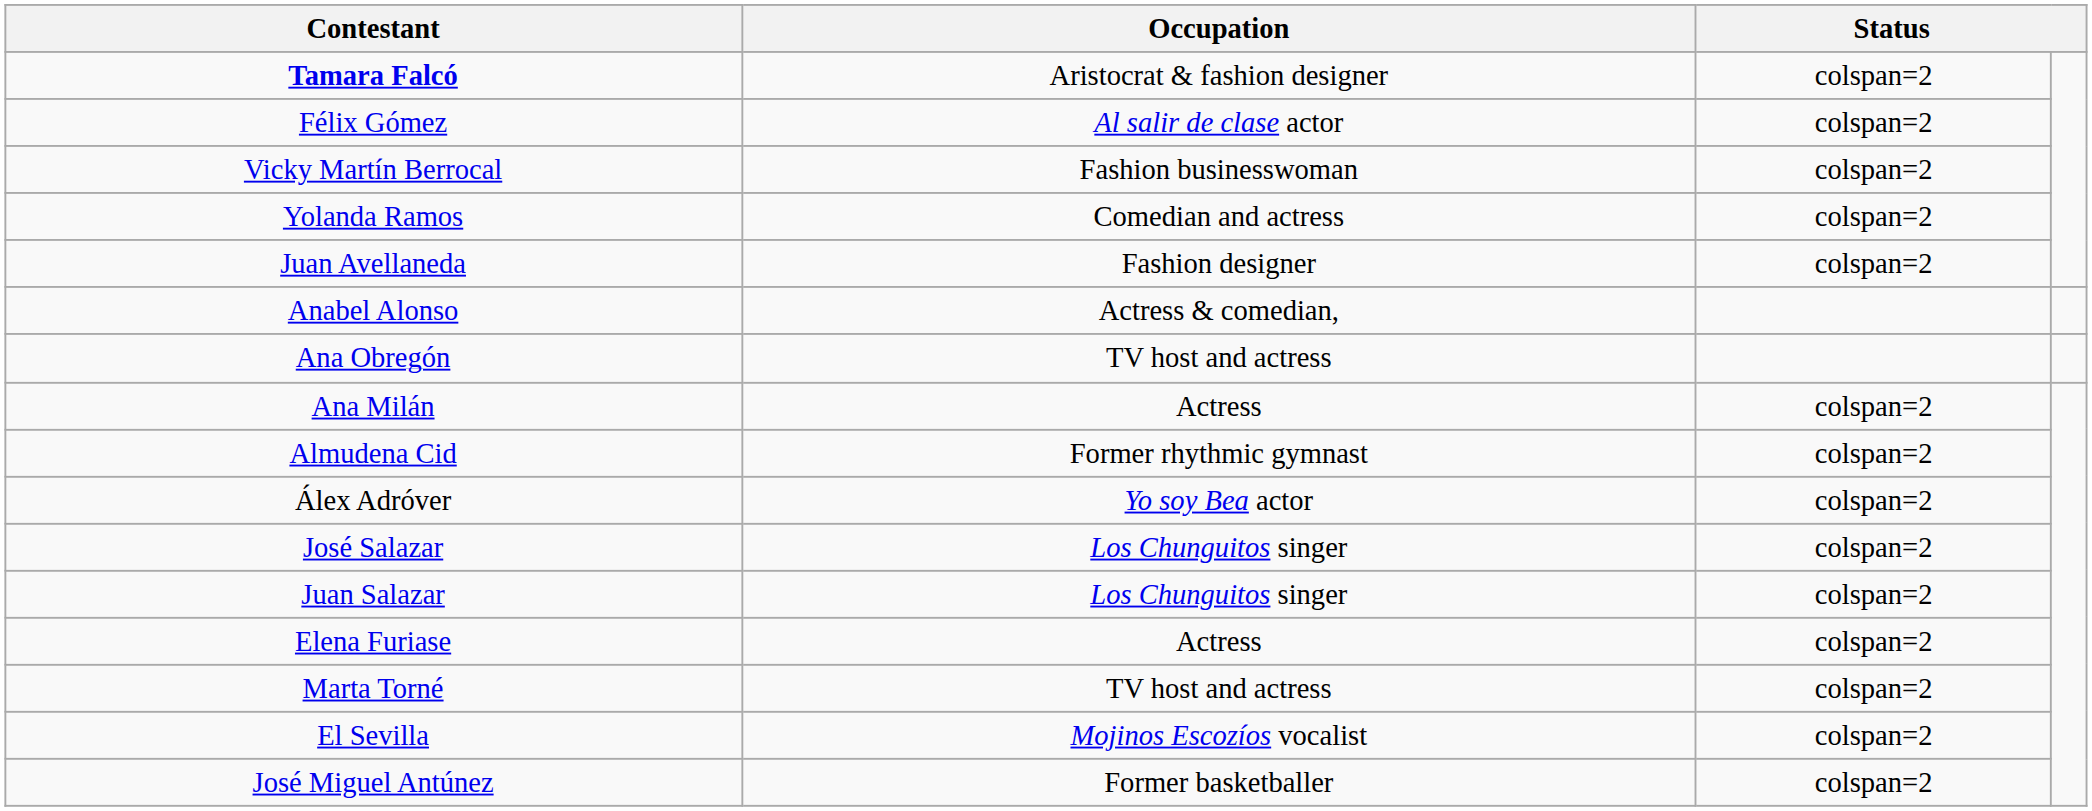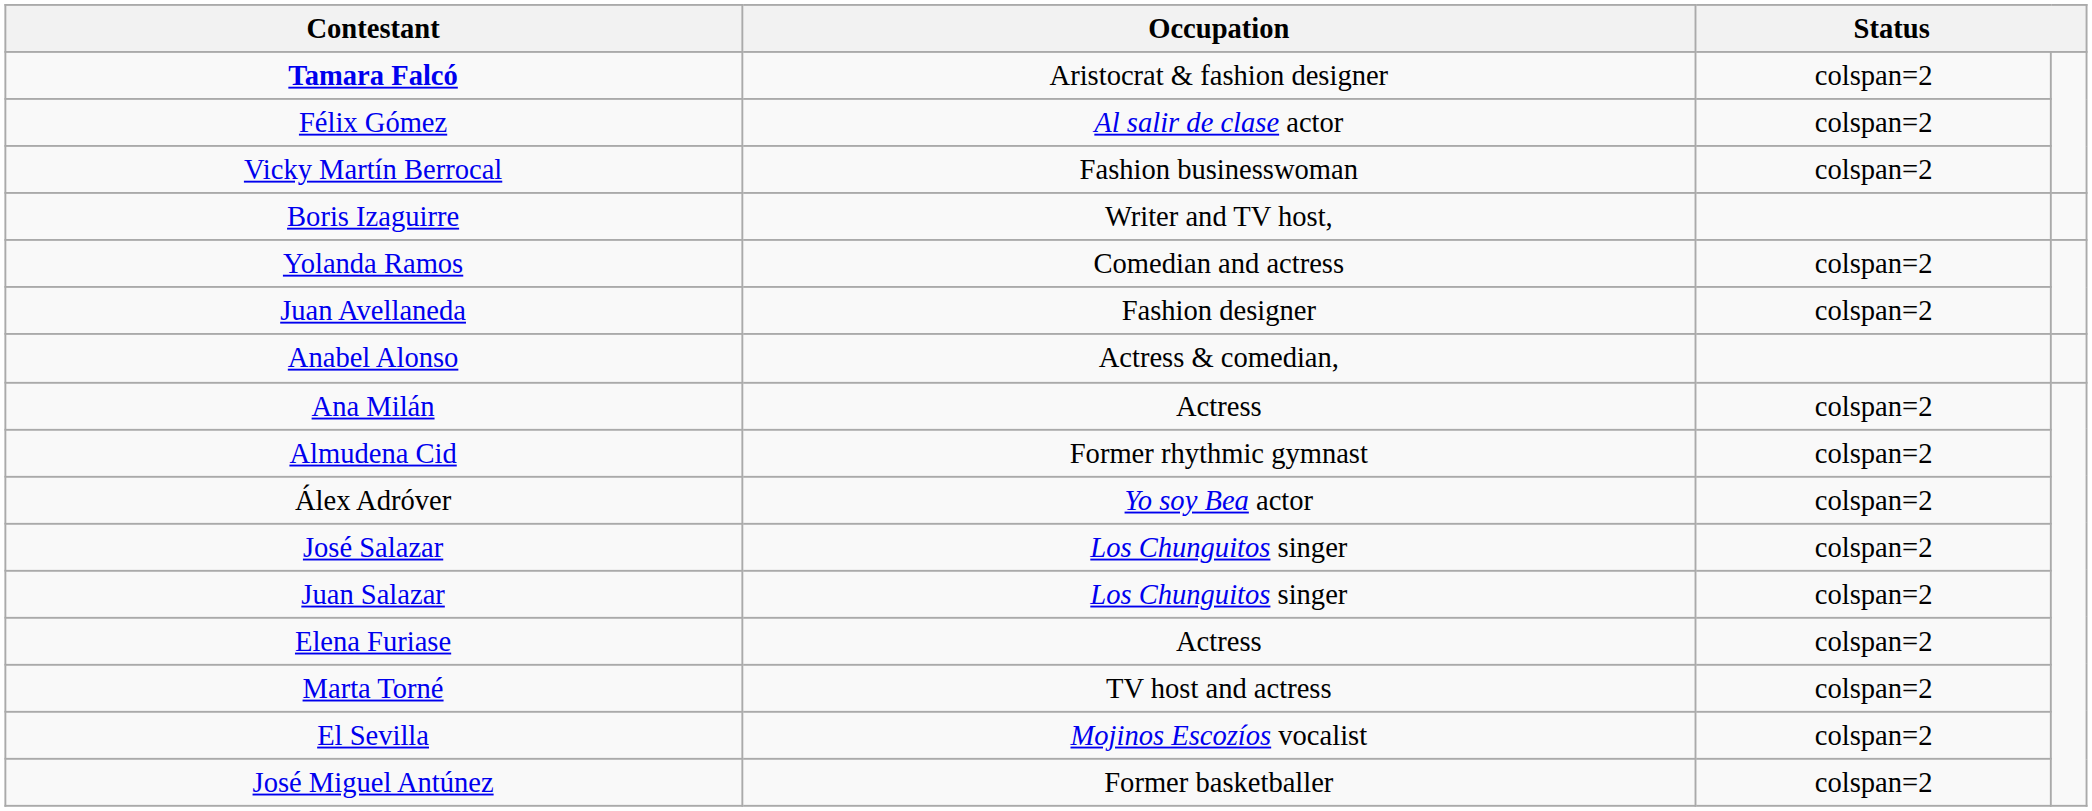 <table class="wikitable" style="margin:auto; text-align:center; width:70%; font-size:95%">
 <tr>
 <th>Contestant</th>
 <th>Occupation</th>
 <th colspan=2>Status</th>
 </tr>
 <tr>
 <td><strong><a href='#'>Tamara Falcó</a></strong></td>
 <td>Aristocrat & fashion designer</td>
 <td>colspan=2 </td>
 </tr>
 <tr>
 <td><a href='#'>Félix Gómez</a></td>
 <td><em><a href='#'>Al salir de clase</a></em> actor</td>
 <td>colspan=2 </td>
 </tr>
 <tr>
 <td><a href='#'>Vicky Martín Berrocal</a></td>
 <td>Fashion businesswoman</td>
 <td>colspan=2 </td>
 </tr>
 <tr>
+<td><a href='#'>Boris Izaguirre</a></td>
+<td>Writer and TV host, </td>
+<td></td>
+<td></td>
+</tr>
+<tr>
 <td><a href='#'>Yolanda Ramos</a></td>
 <td>Comedian and actress</td>
 <td>colspan=2 </td>
 </tr>
 <tr>
 <td><a href='#'>Juan Avellaneda</a></td>
 <td>Fashion designer</td>
 <td>colspan=2 </td>
 </tr>
 <tr>
 <td><a href='#'>Anabel Alonso</a></td>
 <td>Actress & comedian, </td>
-<td></td>
-<td></td>
-</tr>
-<tr>
-<td><a href='#'>Ana Obregón</a></td>
-<td>TV host and actress</td>
 <td></td>
 <td></td>
 </tr>
 <tr>
 <td><a href='#'>Ana Milán</a></td>
 <td>Actress</td>
 <td>colspan=2 </td>
 </tr>
 <tr>
 <td><a href='#'>Almudena Cid</a></td>
 <td>Former rhythmic gymnast</td>
 <td>colspan=2 </td>
 </tr>
 <tr>
 <td>Álex Adróver</td>
 <td><em><a href='#'>Yo soy Bea</a></em> actor</td>
 <td>colspan=2 </td>
 </tr>
 <tr>
 <td><a href='#'>José Salazar</a></td>
 <td><em><a href='#'>Los Chunguitos</a></em> singer</td>
 <td>colspan=2 </td>
 </tr>
 <tr>
 <td><a href='#'>Juan Salazar</a></td>
 <td><em><a href='#'>Los Chunguitos</a></em> singer</td>
 <td>colspan=2 </td>
 </tr>
 <tr>
 <td><a href='#'>Elena Furiase</a></td>
 <td>Actress</td>
 <td>colspan=2 </td>
 </tr>
 <tr>
 <td><a href='#'>Marta Torné</a></td>
 <td>TV host and actress</td>
 <td>colspan=2 </td>
 </tr>
 <tr>
 <td><a href='#'>El Sevilla</a></td>
 <td><em><a href='#'>Mojinos Escozíos</a></em> vocalist</td>
 <td>colspan=2 </td>
 </tr>
 <tr>
 <td><a href='#'>José Miguel Antúnez</a></td>
 <td>Former basketballer</td>
 <td>colspan=2 </td>
 </tr>
 </table>
